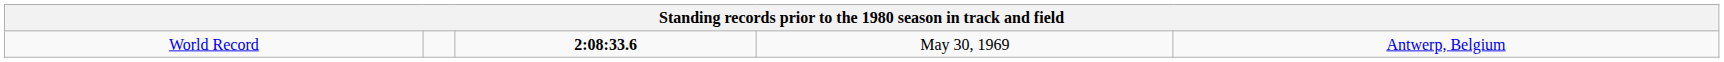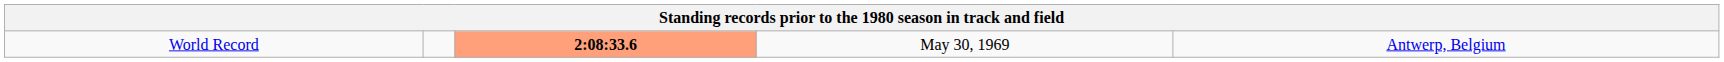 <table class="wikitable" style=" text-align:center; font-size:110%;" width="95%">
 <tr>
 <th colspan="5">Standing records prior to the 1980 season in track and field</th>
 </tr>
 <tr>
 <td><a href='#'>World Record</a></td>
 <td></td>
-<td><strong>2:08:33.6</strong></td>
+<td style="background: lightsalmon;"><strong>2:08:33.6</strong></td>
 <td>May 30, 1969</td>
 <td> <a href='#'>Antwerp, Belgium</a></td>
 </tr>
 </table>
